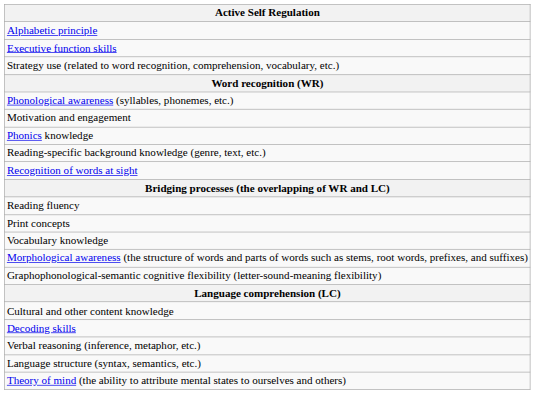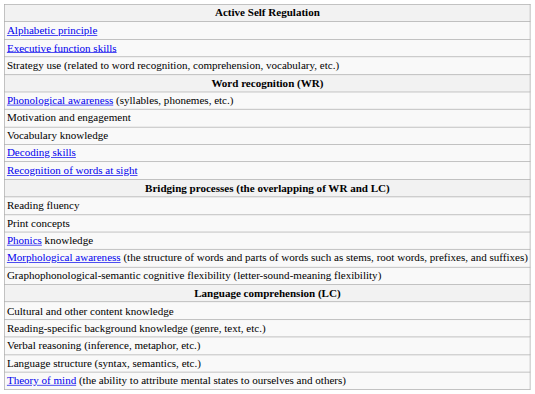 <table class="wikitable sortable">
 <tr>
 <th class="unsortable">Active Self Regulation</th>
 </tr>
 <tr>
 <td><a href='#'>Alphabetic principle</a></td>
 </tr>
 <tr>
 <td><a href='#'>Executive function skills</a></td>
 </tr>
 <tr>
 <td>Strategy use (related to word recognition, comprehension, vocabulary, etc.)</td>
 </tr>
 <tr>
 <th class="unsortable">Word recognition (WR)</th>
 </tr>
 <tr>
 <td><a href='#'>Phonological awareness</a> (syllables, phonemes, etc.)</td>
 </tr>
 <tr>
 <td>Motivation and engagement</td>
 </tr>
 <tr>
-<td><a href='#'>Phonics</a> knowledge</td>
+<td>Vocabulary knowledge</td>
 </tr>
 <tr>
-<td>Reading-specific background knowledge (genre, text, etc.)</td>
+<td><a href='#'>Decoding skills</a></td>
 </tr>
 <tr>
 <td><a href='#'>Recognition of words at sight</a></td>
 </tr>
 <tr>
 <th class="unsortable">Bridging processes (the overlapping of WR and LC)</th>
 </tr>
 <tr>
 <td>Reading fluency</td>
 </tr>
 <tr>
 <td>Print concepts</td>
 </tr>
 <tr>
-<td>Vocabulary knowledge</td>
+<td><a href='#'>Phonics</a> knowledge</td>
 </tr>
 <tr>
 <td><a href='#'>Morphological awareness</a> (the structure of words and parts of words such as stems, root words, prefixes, and suffixes)</td>
 </tr>
 <tr>
 <td>Graphophonological-semantic cognitive flexibility (letter-sound-meaning flexibility)</td>
 </tr>
 <tr>
 <th class="unsortable">Language comprehension (LC)</th>
 </tr>
 <tr>
 <td>Cultural and other content knowledge</td>
 </tr>
 <tr>
-<td><a href='#'>Decoding skills</a></td>
+<td>Reading-specific background knowledge (genre, text, etc.)</td>
 </tr>
 <tr>
 <td>Verbal reasoning (inference, metaphor, etc.)</td>
 </tr>
 <tr>
 <td>Language structure (syntax, semantics, etc.)</td>
 </tr>
 <tr>
 <td><a href='#'>Theory of mind</a> (the ability to attribute mental states to ourselves and others)</td>
 </tr>
 </table>
